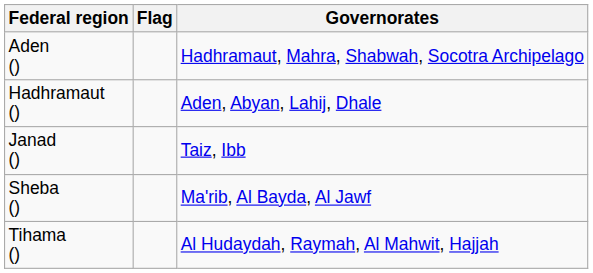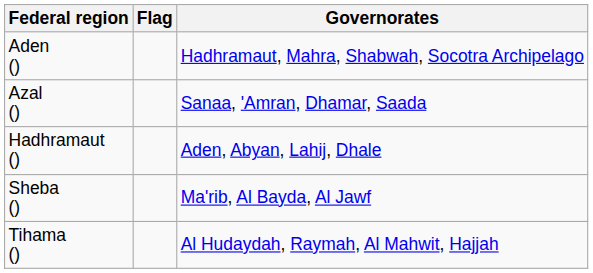 <table class="wikitable" style="align:left">
 <tr>
 <th>Federal region</th>
 <th>Flag</th>
 <th>Governorates</th>
 </tr>
 <tr>
 <td>Aden<br>()</td>
 <td></td>
 <td><a href='#'>Hadhramaut</a>, <a href='#'>Mahra</a>, <a href='#'>Shabwah</a>, <a href='#'>Socotra Archipelago</a></td>
 </tr>
 <tr>
+<td>Azal<br>()</td>
+<td></td>
+<td><a href='#'>Sanaa</a>, <a href='#'>'Amran</a>, <a href='#'>Dhamar</a>, <a href='#'>Saada</a></td>
+</tr>
+<tr>
 <td>Hadhramaut<br>()</td>
 <td></td>
 <td><a href='#'>Aden</a>, <a href='#'>Abyan</a>, <a href='#'>Lahij</a>, <a href='#'>Dhale</a></td>
-</tr>
-<tr>
-<td>Janad<br>()</td>
-<td></td>
-<td><a href='#'>Taiz</a>, <a href='#'>Ibb</a></td>
 </tr>
 <tr>
 <td>Sheba<br>()</td>
 <td></td>
 <td><a href='#'>Ma'rib</a>, <a href='#'>Al Bayda</a>, <a href='#'>Al Jawf</a></td>
 </tr>
 <tr>
 <td>Tihama<br>()</td>
 <td></td>
 <td><a href='#'>Al Hudaydah</a>, <a href='#'>Raymah</a>, <a href='#'>Al Mahwit</a>, <a href='#'>Hajjah</a></td>
 </tr>
 </table>
